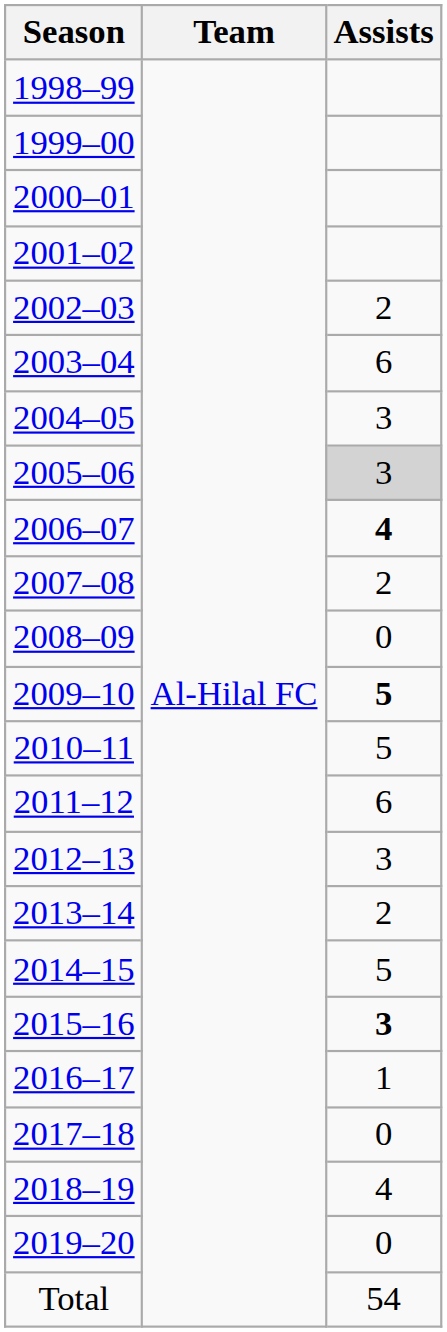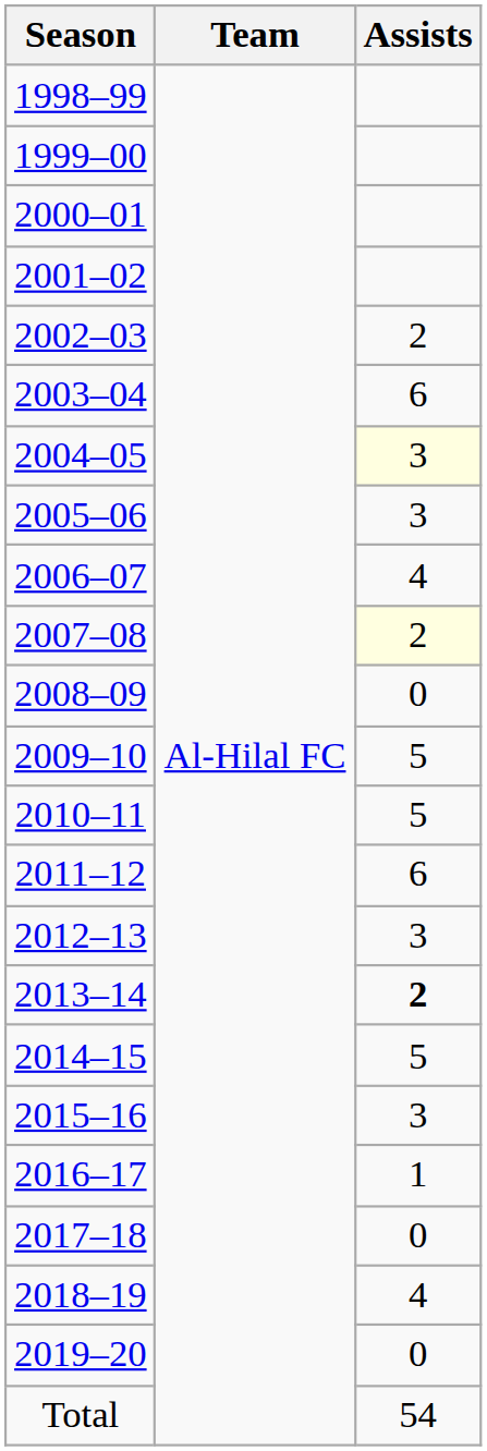 <table class="wikitable" style="text-align: center;">
 <tr>
 <th>Season</th>
 <th>Team</th>
 <th>Assists</th>
 </tr>
 <tr>
 <td><a href='#'>1998–99</a></td>
 <td rowspan="23"><a href='#'>Al-Hilal FC </a></td>
 <td></td>
 </tr>
 <tr>
 <td><a href='#'>1999–00</a></td>
 <td></td>
 </tr>
 <tr>
 <td><a href='#'>2000–01</a></td>
 <td></td>
 </tr>
 <tr>
 <td><a href='#'>2001–02</a></td>
 <td></td>
 </tr>
 <tr>
 <td><a href='#'>2002–03</a></td>
 <td>2</td>
 </tr>
 <tr>
 <td><a href='#'>2003–04</a></td>
 <td>6</td>
 </tr>
 <tr>
 <td><a href='#'>2004–05</a></td>
+<td style="background: lightyellow;">3</td>
+</tr>
+<tr>
+<td><a href='#'>2005–06</a></td>
 <td>3</td>
 </tr>
 <tr>
-<td><a href='#'>2005–06</a></td>
-<td style="background: lightgrey;">3</td>
-</tr>
-<tr>
 <td><a href='#'>2006–07</a></td>
-<td><strong>4</strong></td>
+<td>4</td>
 </tr>
 <tr>
 <td><a href='#'>2007–08</a></td>
-<td>2</td>
+<td style="background: lightyellow;">2</td>
 </tr>
 <tr>
 <td><a href='#'>2008–09</a></td>
 <td>0</td>
 </tr>
 <tr>
 <td><a href='#'>2009–10</a></td>
-<td><strong>5</strong></td>
+<td>5</td>
 </tr>
 <tr>
 <td><a href='#'>2010–11</a></td>
 <td>5</td>
 </tr>
 <tr>
 <td><a href='#'>2011–12</a></td>
 <td>6</td>
 </tr>
 <tr>
 <td><a href='#'>2012–13</a></td>
 <td>3</td>
 </tr>
 <tr>
 <td><a href='#'>2013–14</a></td>
-<td>2</td>
+<td><strong>2</strong></td>
 </tr>
 <tr>
 <td><a href='#'>2014–15</a></td>
 <td>5</td>
 </tr>
 <tr>
 <td><a href='#'>2015–16</a></td>
-<td><strong>3</strong></td>
+<td>3</td>
 </tr>
 <tr>
 <td><a href='#'>2016–17</a></td>
 <td>1</td>
 </tr>
 <tr>
 <td><a href='#'>2017–18</a></td>
 <td>0</td>
 </tr>
 <tr>
 <td><a href='#'>2018–19</a></td>
 <td>4</td>
 </tr>
 <tr>
 <td><a href='#'>2019–20</a></td>
 <td>0</td>
 </tr>
 <tr>
 <td>Total</td>
 <td>54</td>
 </tr>
 </table>
